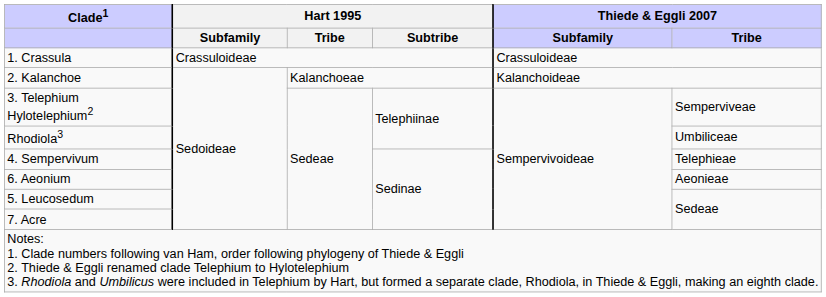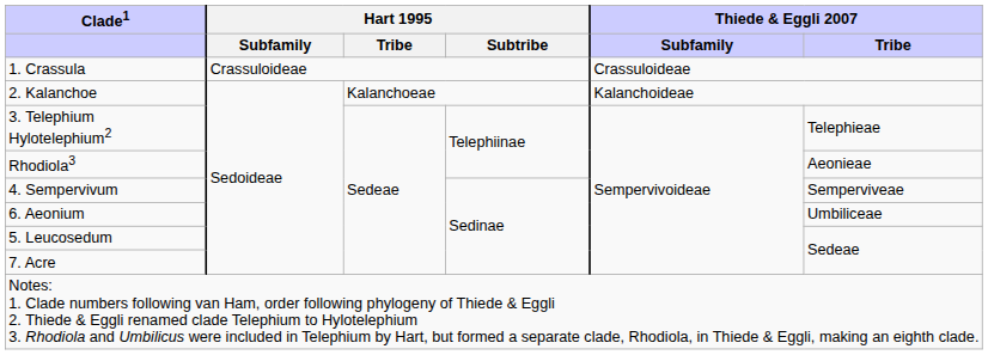 <table class="wikitable">
 <tr>
 <th style="border-right:solid black 2px;  background: #ccf">Clade<sup>1</sup></th>
 <th colspan=3 style="border-right:solid black 2px">Hart 1995</th>
 <th colspan=2 style="background: #ccf;">Thiede & Eggli 2007</th>
 </tr>
 <tr>
 <th style="border-right:solid black 2px;  background: #ccf"></th>
 <th>Subfamily</th>
 <th>Tribe</th>
 <th style="border-right:solid black 2px">Subtribe</th>
 <th ! style="background: #ccf;">Subfamily</th>
 <th style="background: #ccf;">Tribe</th>
 </tr>
 <tr>
 <td style="border-right:solid black 2px">1. Crassula</td>
 <td colspan=3  style="border-right:solid black 2px">Crassuloideae</td>
 <td colspan=2>Crassuloideae</td>
 </tr>
 <tr>
 <td style="border-right:solid black 2px">2. Kalanchoe</td>
 <td rowspan=7>Sedoideae</td>
 <td colspan=2  style="border-right:solid black 2px">Kalanchoeae</td>
 <td colspan=2>Kalanchoideae</td>
 </tr>
 <tr>
 <td style="border-right:solid black 2px">3. Telephium<br>Hylotelephium<sup>2</sup></td>
 <td rowspan=6>Sedeae</td>
 <td style="border-right:solid black 2px"  rowspan=2>Telephiinae</td>
 <td rowspan=6>Sempervivoideae</td>
-<td>Semperviveae</td>
+<td>Telephieae</td>
 </tr>
 <tr>
 <td style="border-right:solid black 2px">Rhodiola<sup>3</sup></td>
-<td>Umbiliceae</td>
+<td>Aeonieae</td>
 </tr>
 <tr>
 <td style="border-right:solid black 2px">4. Sempervivum</td>
 <td style="border-right:solid black 2px" rowspan=4>Sedinae</td>
-<td>Telephieae</td>
+<td>Semperviveae</td>
 </tr>
 <tr>
 <td style="border-right:solid black 2px">6. Aeonium</td>
-<td>Aeonieae</td>
+<td>Umbiliceae</td>
 </tr>
 <tr>
 <td style="border-right:solid black 2px">5. Leucosedum</td>
 <td rowspan=2>Sedeae</td>
 </tr>
 <tr>
 <td style="border-right:solid black 2px">7. Acre</td>
 </tr>
 <tr>
 <td colspan=7>Notes:<br>1. Clade numbers following van Ham, order following phylogeny of Thiede & Eggli<br> 2. Thiede & Eggli renamed clade Telephium to Hylotelephium<br> 3. <em>Rhodiola</em> and <em>Umbilicus</em> were included in Telephium by Hart, but formed a separate clade, Rhodiola, in Thiede & Eggli, making an eighth clade.</td>
 </tr>
 </table>
